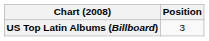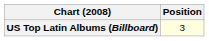 <table class="wikitable plainrowheaders" style="text-align:center">
 <tr>
 <th scope="col">Chart (2008)</th>
 <th scope="col">Position</th>
 </tr>
 <tr>
 <th scope="row">US Top Latin Albums (<em>Billboard</em>)</th>
-<td>3</td>
+<td style="background: lightyellow;">3</td>
 </tr>
 </table>
